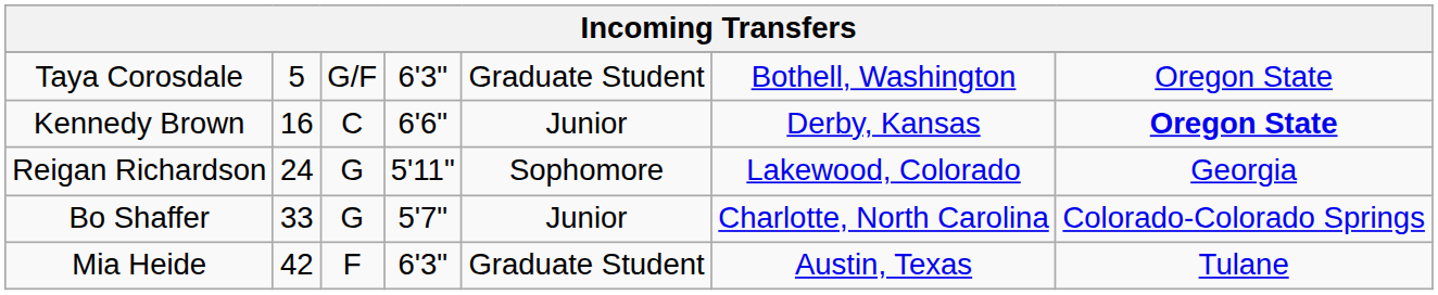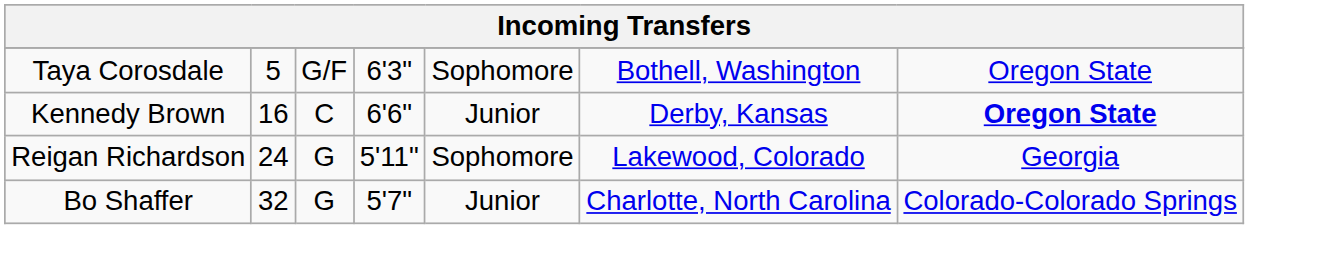 <table class="wikitable sortable" border="1" style="text-align: center;">
 <tr>
 <th colspan=7>Incoming Transfers</th>
 </tr>
 <tr align=center>
 </tr>
 <tr>
 <td>Taya Corosdale</td>
 <td>5</td>
 <td>G/F</td>
 <td>6'3"</td>
-<td>Graduate Student</td>
+<td>Sophomore</td>
 <td><a href='#'>Bothell, Washington</a></td>
 <td><a href='#'>Oregon State</a></td>
 </tr>
 <tr>
 <td>Kennedy Brown</td>
 <td>16</td>
 <td>C</td>
 <td>6'6"</td>
 <td>Junior</td>
 <td><a href='#'>Derby, Kansas</a></td>
 <td><strong><a href='#'>Oregon State</a></strong></td>
 </tr>
 <tr>
 <td>Reigan Richardson</td>
 <td>24</td>
 <td>G</td>
 <td>5'11"</td>
 <td>Sophomore</td>
 <td><a href='#'>Lakewood, Colorado</a></td>
 <td><a href='#'>Georgia</a></td>
 </tr>
 <tr>
 <td>Bo Shaffer</td>
-<td>33</td>
+<td>32</td>
 <td>G</td>
 <td>5'7"</td>
 <td>Junior</td>
 <td><a href='#'>Charlotte, North Carolina</a></td>
 <td><a href='#'>Colorado-Colorado Springs</a></td>
 </tr>
-<tr>
-<td>Mia Heide</td>
-<td>42</td>
-<td>F</td>
-<td>6'3"</td>
-<td>Graduate Student</td>
-<td><a href='#'>Austin, Texas</a></td>
-<td><a href='#'>Tulane</a></td>
-</tr>
 </table>
